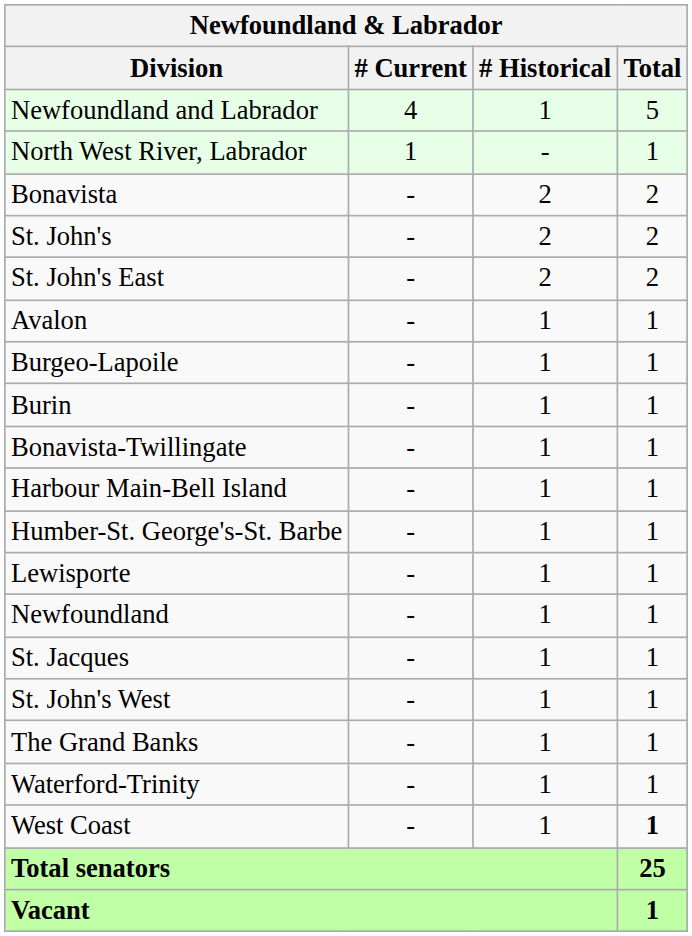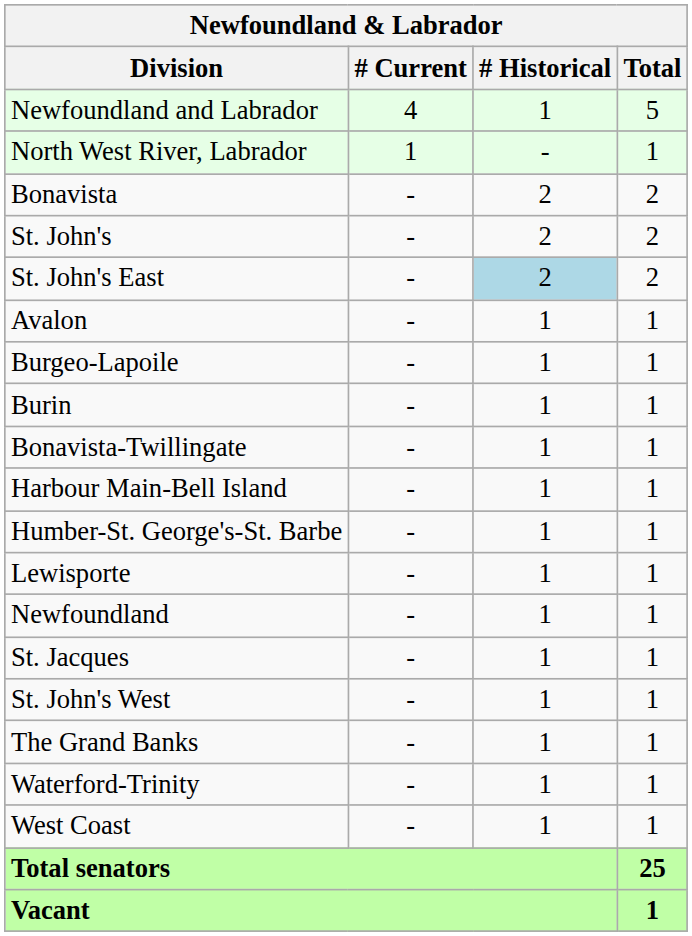 <table class="wikitable collapsible collapsed">
 <tr>
 <th colspan=4>Newfoundland & Labrador</th>
 </tr>
 <tr>
 <th align=left>Division</th>
 <th align=center># Current</th>
 <th align=center># Historical</th>
 <th align=center>Total</th>
 </tr>
 <tr bgcolor="#E6FFE6">
 <td align=left>Newfoundland and Labrador</td>
 <td align=center>4</td>
 <td align=center>1</td>
 <td align=center>5</td>
 </tr>
 <tr bgcolor="#E6FFE6">
 <td align=left>North West River, Labrador</td>
 <td align=center>1</td>
 <td align=center>-</td>
 <td align=center>1</td>
 </tr>
 <tr>
 <td align=left>Bonavista</td>
 <td align=center>-</td>
 <td align=center>2</td>
 <td align=center>2</td>
 </tr>
 <tr>
 <td align=left>St. John's</td>
 <td align=center>-</td>
 <td align=center>2</td>
 <td align=center>2</td>
 </tr>
 <tr>
 <td align=left>St. John's East</td>
 <td align=center>-</td>
-<td align=center>2</td>
+<td align=center style="background: lightblue;">2</td>
 <td align=center>2</td>
 </tr>
 <tr>
 <td align=left>Avalon</td>
 <td align=center>-</td>
 <td align=center>1</td>
 <td align=center>1</td>
 </tr>
 <tr>
 <td align=left>Burgeo-Lapoile</td>
 <td align=center>-</td>
 <td align=center>1</td>
 <td align=center>1</td>
 </tr>
 <tr>
 <td align=left>Burin</td>
 <td align=center>-</td>
 <td align=center>1</td>
 <td align=center>1</td>
 </tr>
 <tr>
 <td align=left>Bonavista-Twillingate</td>
 <td align=center>-</td>
 <td align=center>1</td>
 <td align=center>1</td>
 </tr>
 <tr>
 <td align=left>Harbour Main-Bell Island</td>
 <td align=center>-</td>
 <td align=center>1</td>
 <td align=center>1</td>
 </tr>
 <tr>
 <td align=left>Humber-St. George's-St. Barbe</td>
 <td align=center>-</td>
 <td align=center>1</td>
 <td align=center>1</td>
 </tr>
 <tr>
 <td align=left>Lewisporte</td>
 <td align=center>-</td>
 <td align=center>1</td>
 <td align=center>1</td>
 </tr>
 <tr>
 <td align=left>Newfoundland</td>
 <td align=center>-</td>
 <td align=center>1</td>
 <td align=center>1</td>
 </tr>
 <tr>
 <td align=left>St. Jacques</td>
 <td align=center>-</td>
 <td align=center>1</td>
 <td align=center>1</td>
 </tr>
 <tr>
 <td align=left>St. John's West</td>
 <td align=center>-</td>
 <td align=center>1</td>
 <td align=center>1</td>
 </tr>
 <tr>
 <td align=left>The Grand Banks</td>
 <td align=center>-</td>
 <td align=center>1</td>
 <td align=center>1</td>
 </tr>
 <tr>
 <td align=left>Waterford-Trinity</td>
 <td align=center>-</td>
 <td align=center>1</td>
 <td align=center>1</td>
 </tr>
 <tr>
 <td align=left>West Coast</td>
 <td align=center>-</td>
 <td align=center>1</td>
-<td align=center><strong>1</strong></td>
+<td align=center>1</td>
 </tr>
 <tr bgcolor=#C0FFA6>
 <td align=left colspan=3><strong>Total senators</strong></td>
 <td align=center><strong>25</strong></td>
 </tr>
 <tr bgcolor=#C0FFA6>
 <td align=left colspan=3><strong>Vacant</strong></td>
 <td align=center><strong>1</strong></td>
 </tr>
 </table>
